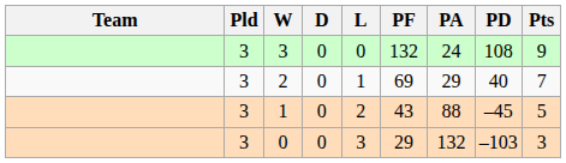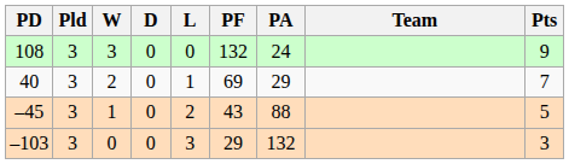 <table class="wikitable" style="text-align:center;">
 <tr>
-<th width=175>Team</th>
+<th width=32 abbr="Points difference">PD</th>
 <th width=25 abbr="Played">Pld</th>
 <th width=25 abbr="Won">W</th>
 <th width=25 abbr="Drawn">D</th>
 <th width=25 abbr="Lost">L</th>
 <th width=32 abbr="Points for">PF</th>
 <th width=32 abbr="Points against">PA</th>
-<th width=32 abbr="Points difference">PD</th>
+<th width=175>Team</th>
 <th width=25 abbr="Points">Pts</th>
 </tr>
 <tr bgcolor="#ccffcc">
-<td align=left></td>
+<td>108</td>
 <td>3</td>
 <td>3</td>
 <td>0</td>
 <td>0</td>
 <td>132</td>
 <td>24</td>
-<td>108</td>
+<td align=left></td>
 <td>9</td>
 </tr>
 <tr>
-<td align=left></td>
+<td>40</td>
 <td>3</td>
 <td>2</td>
 <td>0</td>
 <td>1</td>
 <td>69</td>
 <td>29</td>
-<td>40</td>
+<td align=left></td>
 <td>7</td>
 </tr>
 <tr bgcolor="#ffddbb">
-<td align=left></td>
+<td>–45</td>
 <td>3</td>
 <td>1</td>
 <td>0</td>
 <td>2</td>
 <td>43</td>
 <td>88</td>
-<td>–45</td>
+<td align=left></td>
 <td>5</td>
 </tr>
 <tr bgcolor="#ffddbb">
-<td align=left></td>
+<td>–103</td>
 <td>3</td>
 <td>0</td>
 <td>0</td>
 <td>3</td>
 <td>29</td>
 <td>132</td>
-<td>–103</td>
+<td align=left></td>
 <td>3</td>
 </tr>
 </table>
